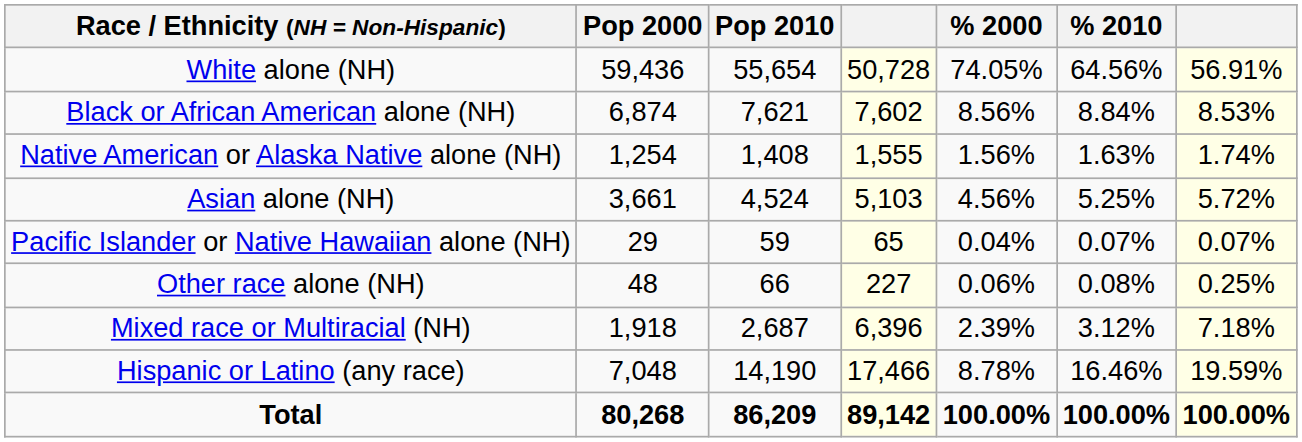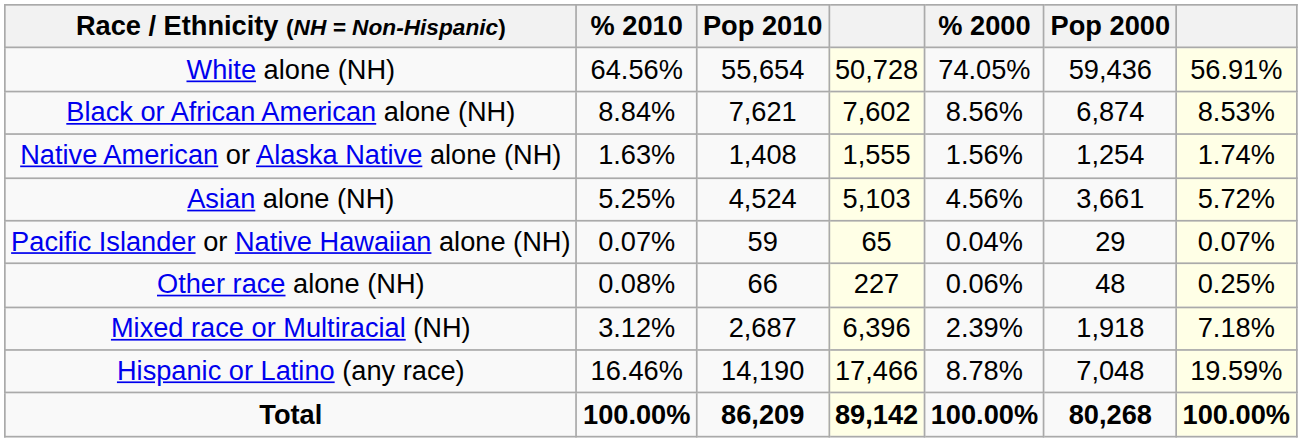 <table class="wikitable" style="text-align:center;">
 <tr>
 <th>Race / Ethnicity <small>(<em>NH = Non-Hispanic</em>)</small></th>
-<th>Pop 2000</th>
+<th>% 2010</th>
 <th>Pop 2010</th>
 <th></th>
 <th>% 2000</th>
-<th>% 2010</th>
+<th>Pop 2000</th>
 <th></th>
 </tr>
 <tr>
 <td><a href='#'>White</a> alone (NH)</td>
-<td>59,436</td>
+<td>64.56%</td>
 <td>55,654</td>
 <td style='background: #ffffe6;'>50,728</td>
 <td>74.05%</td>
-<td>64.56%</td>
+<td>59,436</td>
 <td style='background: #ffffe6;'>56.91%</td>
 </tr>
 <tr>
 <td><a href='#'>Black or African American</a> alone (NH)</td>
-<td>6,874</td>
+<td>8.84%</td>
 <td>7,621</td>
 <td style='background: #ffffe6;'>7,602</td>
 <td>8.56%</td>
-<td>8.84%</td>
+<td>6,874</td>
 <td style='background: #ffffe6;'>8.53%</td>
 </tr>
 <tr>
 <td><a href='#'>Native American</a> or <a href='#'>Alaska Native</a> alone (NH)</td>
-<td>1,254</td>
+<td>1.63%</td>
 <td>1,408</td>
 <td style='background: #ffffe6;'>1,555</td>
 <td>1.56%</td>
-<td>1.63%</td>
+<td>1,254</td>
 <td style='background: #ffffe6;'>1.74%</td>
 </tr>
 <tr>
 <td><a href='#'>Asian</a> alone (NH)</td>
-<td>3,661</td>
+<td>5.25%</td>
 <td>4,524</td>
 <td style='background: #ffffe6;'>5,103</td>
 <td>4.56%</td>
-<td>5.25%</td>
+<td>3,661</td>
 <td style='background: #ffffe6;'>5.72%</td>
 </tr>
 <tr>
 <td><a href='#'>Pacific Islander</a> or <a href='#'>Native Hawaiian</a> alone (NH)</td>
-<td>29</td>
+<td>0.07%</td>
 <td>59</td>
 <td style='background: #ffffe6;'>65</td>
 <td>0.04%</td>
-<td>0.07%</td>
+<td>29</td>
 <td style='background: #ffffe6;'>0.07%</td>
 </tr>
 <tr>
 <td><a href='#'>Other race</a> alone (NH)</td>
-<td>48</td>
+<td>0.08%</td>
 <td>66</td>
 <td style='background: #ffffe6;'>227</td>
 <td>0.06%</td>
-<td>0.08%</td>
+<td>48</td>
 <td style='background: #ffffe6;'>0.25%</td>
 </tr>
 <tr>
 <td><a href='#'>Mixed race or Multiracial</a> (NH)</td>
-<td>1,918</td>
+<td>3.12%</td>
 <td>2,687</td>
 <td style='background: #ffffe6;'>6,396</td>
 <td>2.39%</td>
-<td>3.12%</td>
+<td>1,918</td>
 <td style='background: #ffffe6;'>7.18%</td>
 </tr>
 <tr>
 <td><a href='#'>Hispanic or Latino</a> (any race)</td>
-<td>7,048</td>
+<td>16.46%</td>
 <td>14,190</td>
 <td style='background: #ffffe6;'>17,466</td>
 <td>8.78%</td>
-<td>16.46%</td>
+<td>7,048</td>
 <td style='background: #ffffe6;'>19.59%</td>
 </tr>
 <tr>
 <td><strong>Total</strong></td>
-<td><strong>80,268</strong></td>
+<td><strong>100.00%</strong></td>
 <td><strong>86,209</strong></td>
 <td style='background: #ffffe6;'><strong>89,142</strong></td>
 <td><strong>100.00%</strong></td>
-<td><strong>100.00%</strong></td>
+<td><strong>80,268</strong></td>
 <td style='background: #ffffe6;'><strong>100.00%</strong></td>
 </tr>
 </table>
